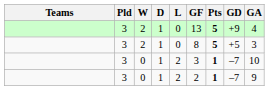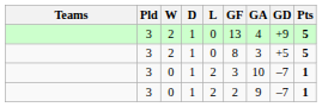 <table class="wikitable" style="text-align: center;">
 <tr>
 <th width=165>Teams</th>
 <th width=20>Pld</th>
 <th width=20>W</th>
 <th width=20>D</th>
 <th width=20>L</th>
 <th width=20>GF</th>
+<th width=20>GA</th>
+<th width=20>GD</th>
 <th width=20>Pts</th>
-<th width=20>GD</th>
-<th width=20>GA</th>
 </tr>
 <tr align=center style="background:#ccffcc;">
 <td style="text-align:left;"></td>
 <td>3</td>
 <td>2</td>
 <td>1</td>
 <td>0</td>
 <td>13</td>
+<td>4</td>
+<td>+9</td>
 <td><strong>5</strong></td>
-<td>+9</td>
-<td>4</td>
 </tr>
 <tr align=center>
 <td style="text-align:left;"></td>
 <td>3</td>
 <td>2</td>
 <td>1</td>
 <td>0</td>
 <td>8</td>
+<td>3</td>
+<td>+5</td>
 <td><strong>5</strong></td>
-<td>+5</td>
-<td>3</td>
 </tr>
 <tr align=center>
 <td style="text-align:left;"></td>
 <td>3</td>
 <td>0</td>
 <td>1</td>
 <td>2</td>
 <td>3</td>
+<td>10</td>
+<td>–7</td>
 <td><strong>1</strong></td>
-<td>–7</td>
-<td>10</td>
 </tr>
 <tr align=center>
 <td style="text-align:left;"></td>
 <td>3</td>
 <td>0</td>
 <td>1</td>
 <td>2</td>
 <td>2</td>
+<td>9</td>
+<td>–7</td>
 <td><strong>1</strong></td>
-<td>–7</td>
-<td>9</td>
 </tr>
 </table>
